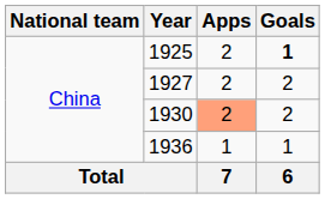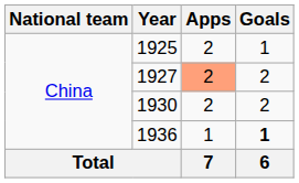 <table class="wikitable" style="text-align:center">
 <tr>
 <th>National team</th>
 <th>Year</th>
 <th>Apps</th>
 <th>Goals</th>
 </tr>
 <tr>
 <td rowspan="4”"><a href='#'>China</a></td>
 <td>1925</td>
 <td>2</td>
-<td><strong>1</strong></td>
+<td>1</td>
 </tr>
 <tr>
 <td>1927</td>
-<td>2</td>
+<td style="background: lightsalmon;">2</td>
 <td>2</td>
 </tr>
 <tr>
 <td>1930</td>
-<td style="background: lightsalmon;">2</td>
+<td>2</td>
 <td>2</td>
 </tr>
 <tr>
 <td>1936</td>
 <td>1</td>
-<td>1</td>
+<td><strong>1</strong></td>
 </tr>
 <tr>
 <th colspan=2>Total</th>
 <th>7</th>
 <th>6</th>
 </tr>
 </table>
